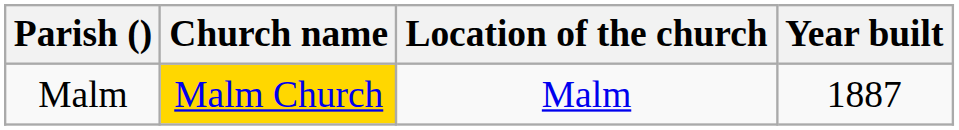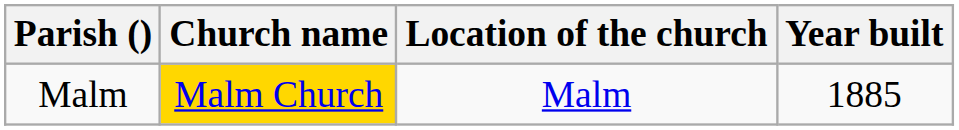 <table class="wikitable" style="text-align:center">
 <tr>
 <th>Parish ()</th>
 <th>Church name</th>
 <th>Location of the church</th>
 <th>Year built</th>
 </tr>
 <tr>
 <td rowspan="1">Malm</td>
 <td style="background: gold;"><a href='#'>Malm Church</a></td>
 <td><a href='#'>Malm</a></td>
-<td>1887</td>
+<td>1885</td>
 </tr>
 </table>
